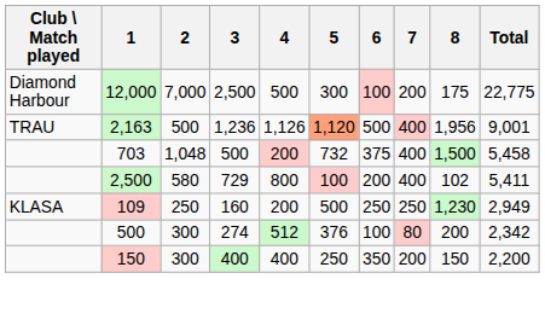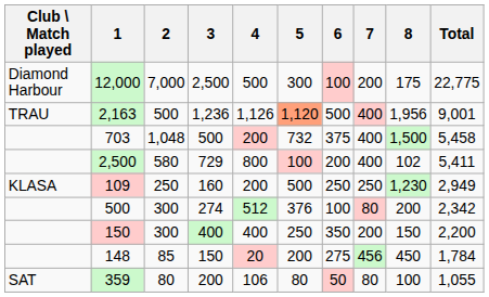 <table class="wikitable sortable" style="font-size: 90%; text-align:center;">
 <tr>
 <th style="width:76px;">Club \ Match played</th>
 <th align=center>1</th>
 <th align=center>2</th>
 <th align=center>3</th>
 <th align=center>4</th>
 <th align=center>5</th>
 <th align=center>6</th>
 <th align=center>7</th>
 <th align=center>8</th>
 <th align="center">Total</th>
 </tr>
 <tr align=center>
 <td align=left>Diamond Harbour</td>
 <td style="background:#CCF9CC">12,000</td>
 <td>7,000</td>
 <td>2,500</td>
 <td>500</td>
 <td>300</td>
 <td style="background:#FFCCCC">100</td>
 <td>200</td>
 <td>175</td>
 <td>22,775</td>
 </tr>
 <tr align=center>
 <td align=left>TRAU</td>
 <td style="background:#CCF9CC">2,163</td>
 <td>500</td>
 <td>1,236</td>
 <td>1,126</td>
 <td style="background: lightsalmon;">1,120</td>
 <td>500</td>
 <td style="background:#FFCCCC">400</td>
 <td>1,956</td>
 <td>9,001</td>
 </tr>
 <tr align=center>
 <td align=left></td>
 <td>703</td>
 <td>1,048</td>
 <td>500</td>
 <td style="background:#FFCCCC">200</td>
 <td>732</td>
 <td>375</td>
 <td>400</td>
 <td style="background:#CCF9CC">1,500</td>
 <td>5,458</td>
 </tr>
 <tr align=center>
 <td align=left></td>
 <td style="background:#CCF9CC">2,500</td>
 <td>580</td>
 <td>729</td>
 <td>800</td>
 <td style="background:#FFCCCC">100</td>
 <td>200</td>
 <td>400</td>
 <td>102</td>
 <td>5,411</td>
 </tr>
 <tr align=center>
 <td align=left>KLASA</td>
 <td style="background:#FFCCCC">109</td>
 <td>250</td>
 <td>160</td>
 <td>200</td>
 <td>500</td>
 <td>250</td>
 <td>250</td>
 <td style="background:#CCF9CC">1,230</td>
 <td>2,949</td>
 </tr>
 <tr align=center>
 <td align=left></td>
 <td>500</td>
 <td>300</td>
 <td>274</td>
 <td style="background:#CCF9CC">512</td>
 <td>376</td>
 <td>100</td>
 <td style="background:#FFCCCC">80</td>
 <td>200</td>
 <td>2,342</td>
 </tr>
 <tr align=center>
 <td align=left></td>
 <td style="background:#FFCCCC">150</td>
 <td>300</td>
 <td style="background:#CCF9CC">400</td>
 <td>400</td>
 <td>250</td>
 <td>350</td>
 <td>200</td>
 <td>150</td>
 <td>2,200</td>
 </tr>
+<tr align=center>
+<td align=left></td>
+<td>148</td>
+<td>85</td>
+<td>150</td>
+<td style="background:#FFCCCC">20</td>
+<td>200</td>
+<td>275</td>
+<td style="background:#CCF9CC">456</td>
+<td>450</td>
+<td>1,784</td>
+</tr>
+<tr align=center>
+<td align=left>SAT</td>
+<td style="background:#CCF9CC">359</td>
+<td>80</td>
+<td>200</td>
+<td>106</td>
+<td>80</td>
+<td style="background:#FFCCCC">50</td>
+<td>80</td>
+<td>100</td>
+<td>1,055</td>
+</tr>
 </table>
